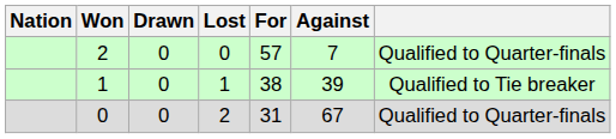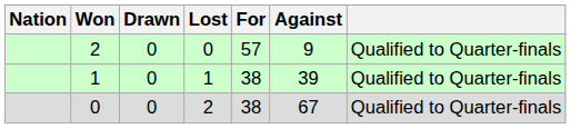 <table class="wikitable" style="text-align: center;">
 <tr>
 <th>Nation</th>
 <th>Won</th>
 <th>Drawn</th>
 <th>Lost</th>
 <th>For</th>
 <th>Against</th>
 <th></th>
 </tr>
 <tr bgcolor="#ccffcc">
 <td align="left"></td>
 <td>2</td>
 <td>0</td>
 <td>0</td>
 <td>57</td>
-<td>7</td>
+<td>9</td>
 <td>Qualified to Quarter-finals</td>
 </tr>
 <tr bgcolor="#ccffcc">
 <td align="left"></td>
 <td>1</td>
 <td>0</td>
 <td>1</td>
 <td>38</td>
 <td>39</td>
-<td>Qualified to Tie breaker</td>
+<td>Qualified to Quarter-finals</td>
 </tr>
 <tr bgcolor="DCDCDC">
 <td align="left"></td>
 <td>0</td>
 <td>0</td>
 <td>2</td>
-<td>31</td>
+<td>38</td>
 <td>67</td>
 <td>Qualified to Quarter-finals</td>
 </tr>
 </table>
